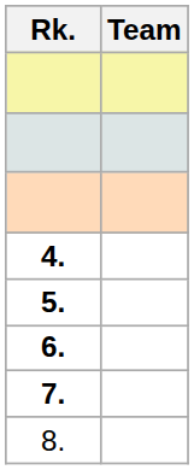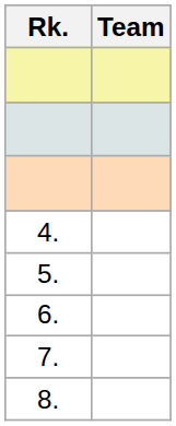 <table class="wikitable" style="border:1px solid #AAAAAA;font-size:90%">
 <tr bgcolor="#E4E4E4">
 <th style="border-bottom:1px solid #AAAAAA" width=40>Rk.</th>
 <th style="border-bottom:1px solid #AAAAAA">Team</th>
 </tr>
 <tr bgcolor="#F7F6A8">
 <td align="center" style="height:23px"></td>
 <td></td>
 </tr>
 <tr bgcolor="#DCE5E5">
 <td align="center" style="height:23px"></td>
 <td></td>
 </tr>
 <tr bgcolor="#FFDAB9">
 <td align="center" style="height:23px"></td>
 <td></td>
 </tr>
 <tr style="background:#ffffff;">
-<td align="center"><strong>4.</strong></td>
+<td align="center">4.</td>
 <td></td>
 </tr>
 <tr style="background:#ffffff;">
-<td align="center"><strong>5.</strong></td>
+<td align="center">5.</td>
 <td></td>
 </tr>
 <tr style="background:#ffffff;">
-<td align="center"><strong>6.</strong></td>
+<td align="center">6.</td>
 <td></td>
 </tr>
 <tr style="background:#ffffff;">
-<td align="center"><strong>7.</strong></td>
+<td align="center">7.</td>
 <td></td>
 </tr>
 <tr style="background:#ffffff;">
 <td align="center">8.</td>
 <td></td>
 </tr>
 </table>
